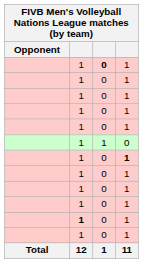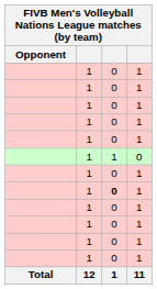 <table class="wikitable sortable" style="text-align: center;">
 <tr>
 <th colspan=8>FIVB Men's Volleyball Nations League matches (by team)</th>
 </tr>
 <tr>
 <th width="100">Opponent</th>
 <th width=30></th>
 <th width=30></th>
 <th width=30></th>
 </tr>
 <tr bgcolor=#FFCCCC>
 <td align="left"></td>
 <td>1</td>
-<td><strong>0</strong></td>
+<td>0</td>
 <td>1</td>
 </tr>
 <tr bgcolor=#FFCCCC>
 <td align="left"></td>
 <td>1</td>
 <td>0</td>
 <td>1</td>
 </tr>
 <tr bgcolor=#FFCCCC>
 <td align="left"></td>
 <td>1</td>
 <td>0</td>
 <td>1</td>
 </tr>
 <tr bgcolor=#FFCCCC>
 <td align="left"></td>
 <td>1</td>
 <td>0</td>
 <td>1</td>
 </tr>
 <tr bgcolor=#FFCCCC>
 <td align="left"></td>
 <td>1</td>
 <td>0</td>
 <td>1</td>
 </tr>
 <tr bgcolor=#CCFFCC>
 <td align="left"></td>
 <td>1</td>
 <td>1</td>
 <td>0</td>
 </tr>
 <tr bgcolor=#FFCCCC>
 <td align="left"></td>
 <td>1</td>
 <td>0</td>
-<td><strong>1</strong></td>
+<td>1</td>
+</tr>
+<tr bgcolor=#FFCCCC>
+<td align="left"></td>
+<td>1</td>
+<td><strong>0</strong></td>
+<td>1</td>
 </tr>
 <tr bgcolor=#FFCCCC>
 <td align="left"></td>
 <td>1</td>
 <td>0</td>
 <td>1</td>
 </tr>
 <tr bgcolor=#FFCCCC>
 <td align="left"></td>
 <td>1</td>
 <td>0</td>
 <td>1</td>
 </tr>
 <tr bgcolor=#FFCCCC>
 <td align="left"></td>
 <td>1</td>
 <td>0</td>
 <td>1</td>
 </tr>
 <tr bgcolor=#FFCCCC>
 <td align="left"></td>
-<td><strong>1</strong></td>
-<td>0</td>
-<td>1</td>
-</tr>
-<tr bgcolor=#FFCCCC>
-<td align="left"></td>
 <td>1</td>
 <td>0</td>
 <td>1</td>
 </tr>
 <tr>
 <th>Total</th>
 <th>12</th>
 <th>1</th>
 <th>11</th>
 </tr>
 </table>
